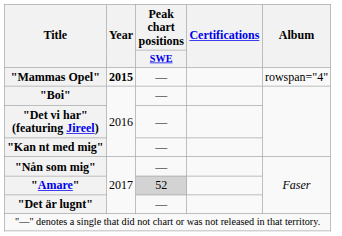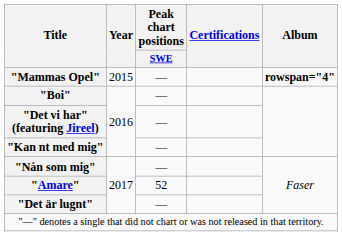 <table class="wikitable plainrowheaders" style="text-align:center;">
 <tr>
 <th scope="col" rowspan="2">Title</th>
 <th scope="col" rowspan="2">Year</th>
 <th scope="col" colspan="1">Peak chart positions</th>
 <th scope="col" rowspan="2"><a href='#'>Certifications</a></th>
 <th scope="col" rowspan="2">Album</th>
 </tr>
 <tr>
 <th scope="col" style="width:3em;font-size:85%;"><a href='#'>SWE</a><br></th>
 </tr>
 <tr>
 <th scope="row">"Mammas Opel"</th>
-<td><strong>2015</strong></td>
+<td>2015</td>
 <td>—</td>
 <td></td>
-<td>rowspan="4" </td>
+<td><strong>rowspan="4" </strong></td>
 </tr>
 <tr>
 <th scope="row">"Boi"</th>
 <td rowspan="3">2016</td>
 <td>—</td>
 <td></td>
 </tr>
 <tr>
 <th scope="row">"Det vi har"<br><span>(featuring <a href='#'>Jireel</a>)</span></th>
 <td>—</td>
 <td></td>
 </tr>
 <tr>
 <th scope="row">"Kan nt med mig"</th>
 <td>—</td>
 <td></td>
 </tr>
 <tr>
 <th scope="row">"Nån som mig"</th>
 <td rowspan="3">2017</td>
 <td>—</td>
 <td></td>
 <td rowspan="3"><em>Faser</em></td>
 </tr>
 <tr>
 <th scope="row">"<a href='#'>Amare</a>"</th>
-<td style="background: lightgrey;">52</td>
+<td>52</td>
 <td></td>
 </tr>
 <tr>
 <th scope="row">"Det är lugnt"</th>
 <td>—</td>
 <td></td>
 </tr>
 <tr>
 <td colspan="10" style="font-size:85%">"—" denotes a single that did not chart or was not released in that territory.</td>
 </tr>
 </table>
